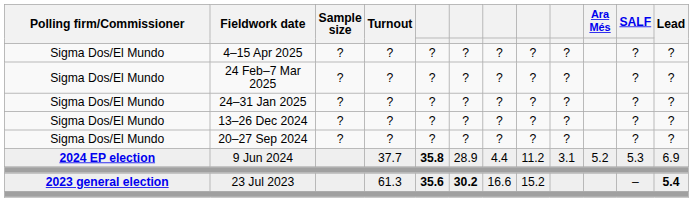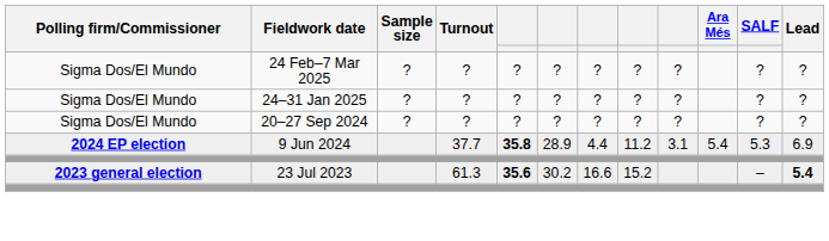 <table class="wikitable collapsible collapsed" style="text-align:center; font-size:95%; line-height:16px;">
 <tr style="height:42px;">
 <th style="width:250px;" rowspan="2">Polling firm/Commissioner</th>
 <th style="width:125px;" rowspan="2">Fieldwork date</th>
 <th style="width:50px;" rowspan="2">Sample size</th>
 <th style="width:45px;" rowspan="2">Turnout</th>
 <th style="width:35px;"></th>
 <th style="width:35px;"></th>
 <th style="width:35px;"></th>
 <th style="width:35px;"></th>
 <th style="width:35px;"></th>
 <th style="width:35px; font-size:90%;"><a href='#'>Ara<br>Més</a></th>
 <th style="width:35px;"><a href='#'>SALF</a></th>
 <th style="width:30px;" rowspan="2">Lead</th>
 </tr>
 <tr>
 <th style="color:inherit;background:"></th>
 <th style="color:inherit;background:"></th>
 <th style="color:inherit;background:"></th>
 <th style="color:inherit;background:"></th>
 <th style="color:inherit;background:"></th>
 <th style="color:inherit;background:"></th>
 <th style="color:inherit;background:"></th>
 </tr>
 <tr>
 <td>Sigma Dos/El Mundo</td>
-<td>4–15 Apr 2025</td>
-<td>?</td>
-<td>?</td>
-<td>?<br></td>
-<td>?<br></td>
-<td>?<br></td>
-<td>?<br></td>
-<td>?<br></td>
-<td></td>
-<td>?<br></td>
-<td style="background:">?</td>
-</tr>
-<tr>
-<td>Sigma Dos/El Mundo</td>
 <td>24 Feb–7 Mar 2025</td>
 <td>?</td>
 <td>?</td>
 <td>?<br></td>
 <td>?<br></td>
 <td>?<br></td>
 <td>?<br></td>
 <td>?<br></td>
 <td></td>
 <td>?<br></td>
 <td style="background:">?</td>
 </tr>
 <tr>
 <td>Sigma Dos/El Mundo</td>
 <td>24–31 Jan 2025</td>
-<td>?</td>
-<td>?</td>
-<td>?<br></td>
-<td>?<br></td>
-<td>?<br></td>
-<td>?<br></td>
-<td>?<br></td>
-<td></td>
-<td>?<br></td>
-<td style="background:">?</td>
-</tr>
-<tr>
-<td>Sigma Dos/El Mundo</td>
-<td>13–26 Dec 2024</td>
 <td>?</td>
 <td>?</td>
 <td>?<br></td>
 <td>?<br></td>
 <td>?<br></td>
 <td>?<br></td>
 <td>?<br></td>
 <td></td>
 <td>?<br></td>
 <td style="background:">?</td>
 </tr>
 <tr>
 <td>Sigma Dos/El Mundo</td>
 <td>20–27 Sep 2024</td>
 <td>?</td>
 <td>?</td>
 <td>?<br></td>
 <td>?<br></td>
 <td>?<br></td>
 <td>?<br></td>
 <td>?<br></td>
 <td></td>
 <td>?<br></td>
 <td style="background:">?</td>
 </tr>
 <tr style="background:#EFEFEF;">
 <td><strong><a href='#'>2024 EP election</a></strong></td>
 <td>9 Jun 2024</td>
 <td></td>
 <td>37.7</td>
 <td><strong>35.8</strong><br></td>
 <td>28.9<br></td>
 <td>4.4<br></td>
 <td>11.2<br></td>
 <td>3.1<br></td>
-<td>5.2<br></td>
+<td>5.4<br></td>
 <td>5.3<br></td>
 <td style="background:">6.9</td>
 </tr>
 <tr>
 <td colspan="12" style="background:#A0A0A0"></td>
 </tr>
 <tr style="background:#EFEFEF;">
 <td><strong><a href='#'>2023 general election</a></strong></td>
 <td>23 Jul 2023</td>
 <td></td>
 <td>61.3</td>
 <td><strong>35.6</strong><br></td>
-<td><strong>30.2<br></strong></td>
+<td>30.2<br></td>
 <td>16.6<br></td>
 <td>15.2<br></td>
 <td></td>
 <td></td>
 <td>–</td>
 <td style="background:"><strong>5.4</strong></td>
 </tr>
 <tr>
 <td colspan="12" style="background:#A0A0A0"></td>
 </tr>
 </table>
